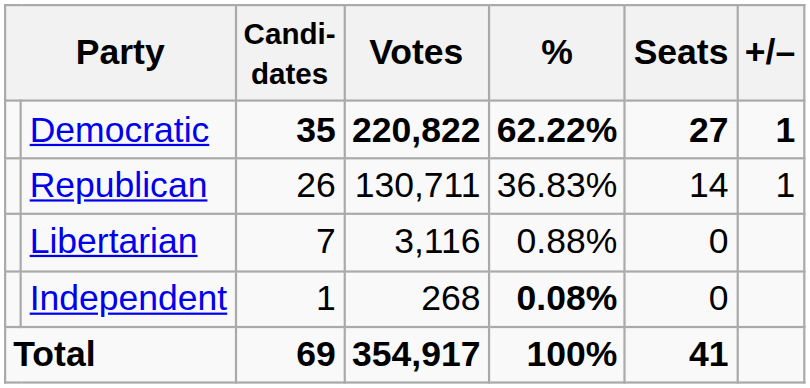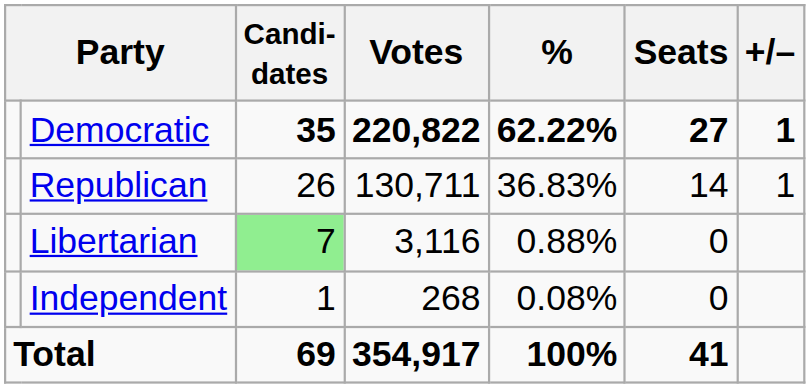 <table class="wikitable" style="font-size:100%; text-align:right;">
 <tr>
 <th colspan=2>Party</th>
 <th><small>Candi-<br>dates</small></th>
 <th>Votes</th>
 <th>%</th>
 <th>Seats</th>
 <th>+/–</th>
 </tr>
 <tr>
 <td style="background:"></td>
 <td align=left><a href='#'>Democratic</a></td>
 <td><strong>35</strong></td>
 <td><strong>220,822</strong></td>
 <td><strong>62.22%</strong></td>
 <td><strong>27</strong></td>
 <td><strong>1</strong></td>
 </tr>
 <tr>
 <td style="background:"></td>
 <td align=left><a href='#'>Republican</a></td>
 <td>26</td>
 <td>130,711</td>
 <td>36.83%</td>
 <td>14</td>
 <td>1</td>
 </tr>
 <tr>
 <td style="background:"></td>
 <td align=left><a href='#'>Libertarian</a></td>
-<td>7</td>
+<td style="background: lightgreen;">7</td>
 <td>3,116</td>
 <td>0.88%</td>
 <td>0</td>
 <td></td>
 </tr>
 <tr>
 <td style="background:"></td>
 <td align=left><a href='#'>Independent</a></td>
 <td>1</td>
 <td>268</td>
-<td><strong>0.08%</strong></td>
+<td>0.08%</td>
 <td>0</td>
 <td></td>
 </tr>
 <tr style="font-weight:bold">
 <td colspan=2 align=left>Total</td>
 <td>69</td>
 <td>354,917</td>
 <td>100%</td>
 <td>41</td>
 <td></td>
 </tr>
 </table>
